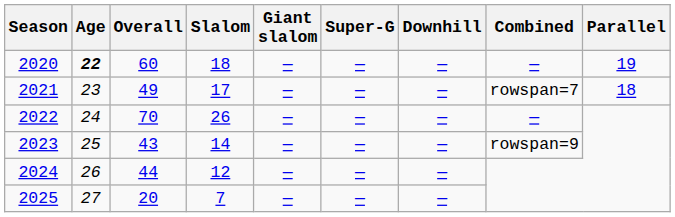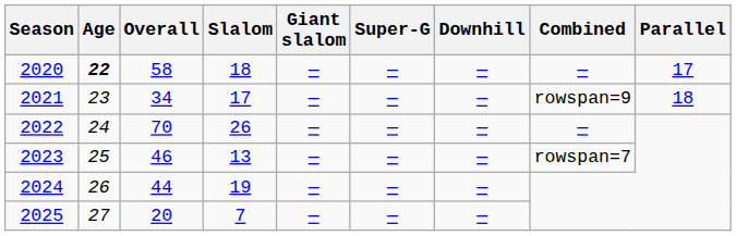 <table class=wikitable style="text-align:center">
 <tr>
 <th>Season</th>
 <th>Age</th>
 <th>Overall</th>
 <th>Slalom</th>
 <th>Giant<br>slalom</th>
 <th>Super-G</th>
 <th>Downhill</th>
 <th>Combined</th>
 <th>Parallel</th>
 </tr>
 <tr>
 <td><a href='#'>2020</a></td>
 <td><strong><em>22</em></strong></td>
-<td><a href='#'>60</a></td>
+<td><a href='#'>58</a></td>
 <td><a href='#'>18</a></td>
 <td><a href='#'>—</a></td>
 <td><a href='#'>—</a></td>
 <td><a href='#'>—</a></td>
 <td><a href='#'>—</a></td>
-<td><a href='#'>19</a></td>
+<td><a href='#'>17</a></td>
 </tr>
 <tr>
 <td><a href='#'>2021</a></td>
 <td><em>23</em></td>
-<td><a href='#'>49</a></td>
+<td><a href='#'>34</a></td>
 <td><a href='#'>17</a></td>
 <td><a href='#'>—</a></td>
 <td><a href='#'>—</a></td>
 <td><a href='#'>—</a></td>
-<td>rowspan=7 </td>
+<td>rowspan=9 </td>
 <td><a href='#'>18</a></td>
 </tr>
 <tr>
 <td><a href='#'>2022</a></td>
 <td><em>24</em></td>
 <td><a href='#'>70</a></td>
 <td><a href='#'>26</a></td>
 <td><a href='#'>—</a></td>
 <td><a href='#'>—</a></td>
 <td><a href='#'>—</a></td>
 <td><a href='#'>—</a></td>
 </tr>
 <tr>
 <td><a href='#'>2023</a></td>
 <td><em>25</em></td>
-<td><a href='#'>43</a></td>
-<td><a href='#'>14</a></td>
+<td><a href='#'>46</a></td>
+<td><a href='#'>13</a></td>
 <td><a href='#'>—</a></td>
 <td><a href='#'>—</a></td>
 <td><a href='#'>—</a></td>
-<td>rowspan=9 </td>
+<td>rowspan=7 </td>
 </tr>
 <tr>
 <td><a href='#'>2024</a></td>
 <td><em>26</em></td>
 <td><a href='#'>44</a></td>
-<td><a href='#'>12</a></td>
+<td><a href='#'>19</a></td>
 <td><a href='#'>—</a></td>
 <td><a href='#'>—</a></td>
 <td><a href='#'>—</a></td>
 </tr>
 <tr>
 <td><a href='#'>2025</a></td>
 <td><em>27</em></td>
 <td><a href='#'>20</a></td>
 <td><a href='#'>7</a></td>
 <td><a href='#'>—</a></td>
 <td><a href='#'>—</a></td>
 <td><a href='#'>—</a></td>
 </tr>
 </table>
